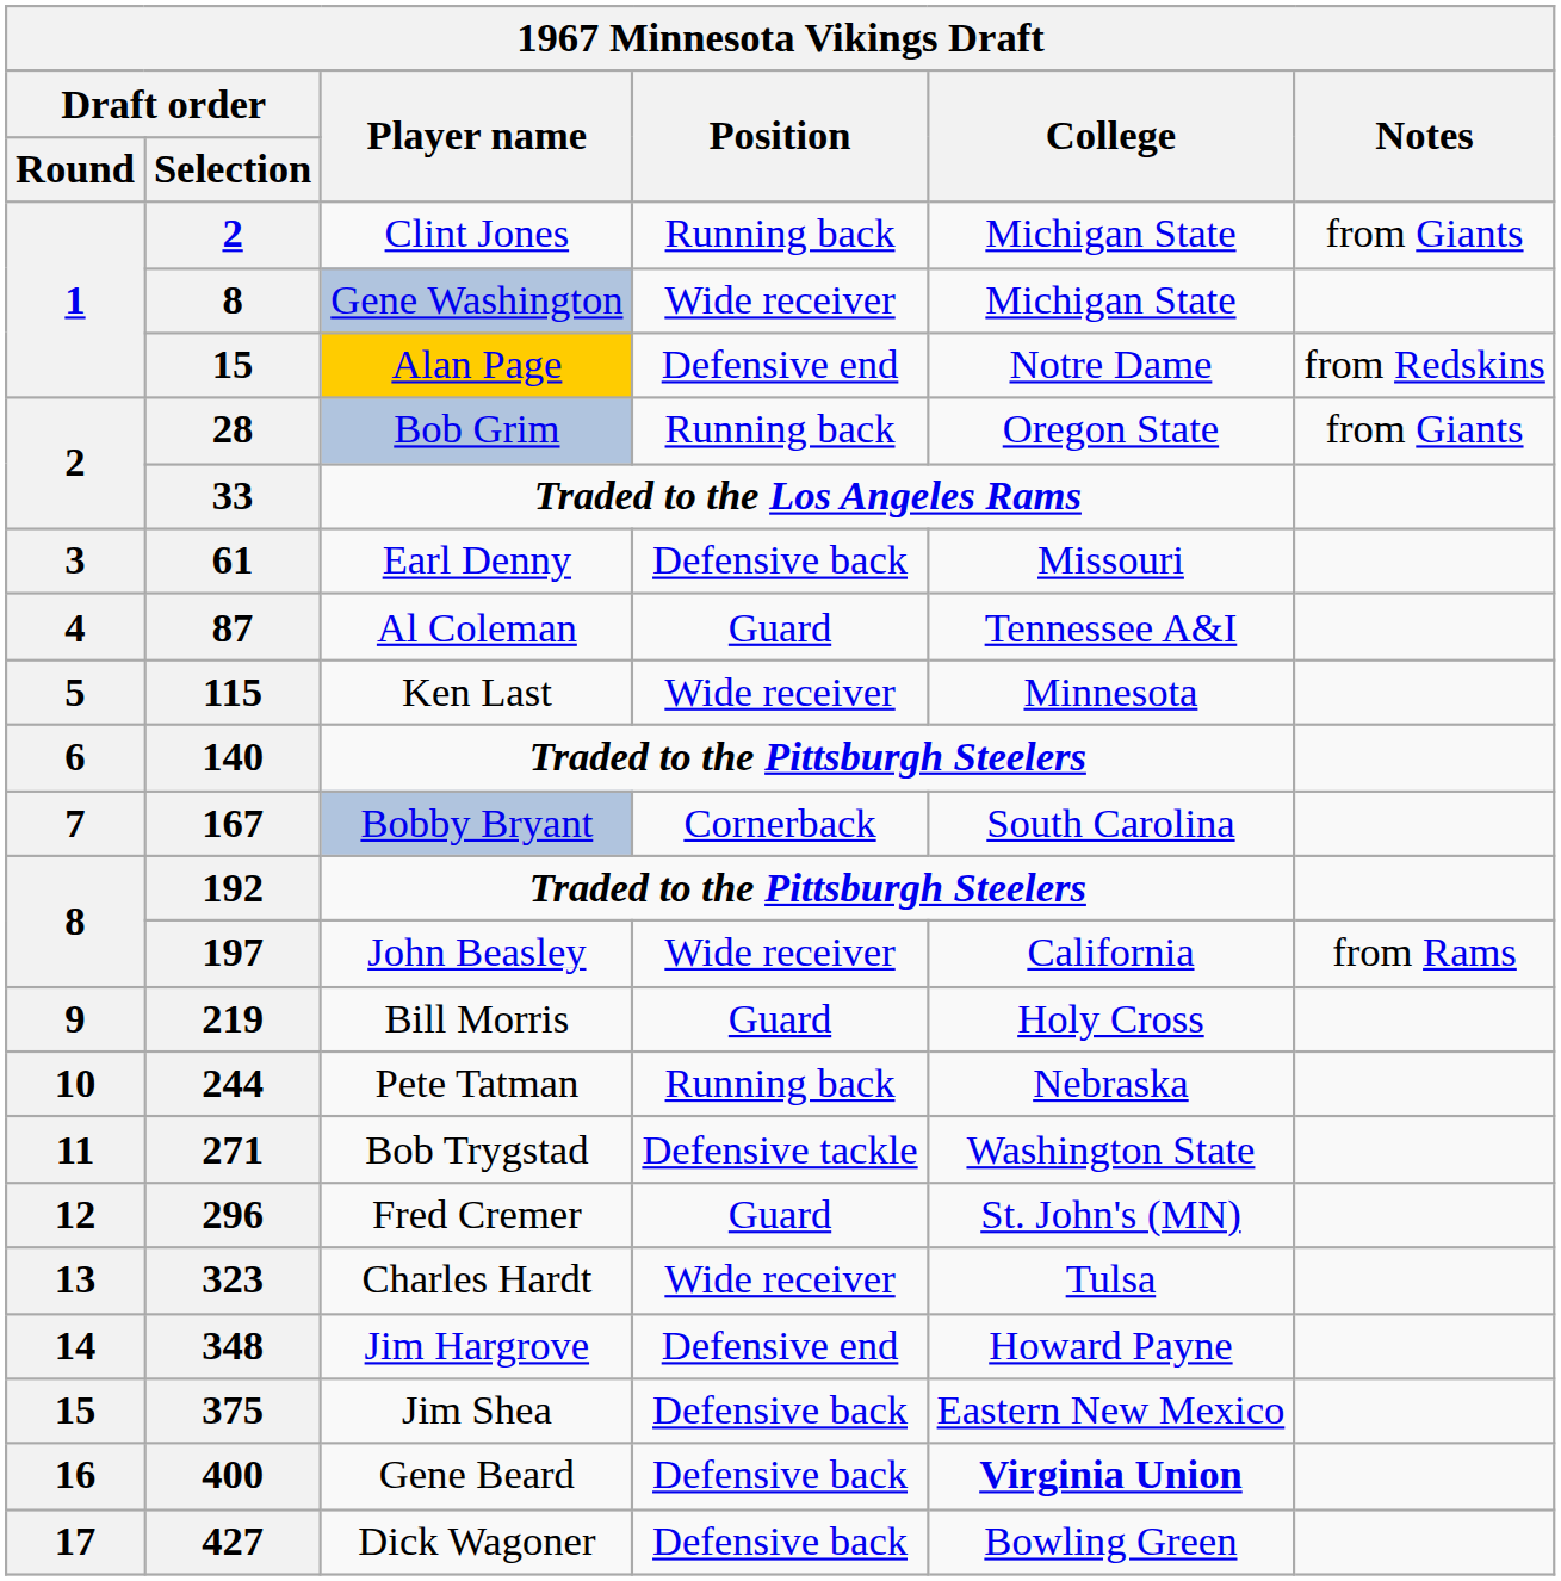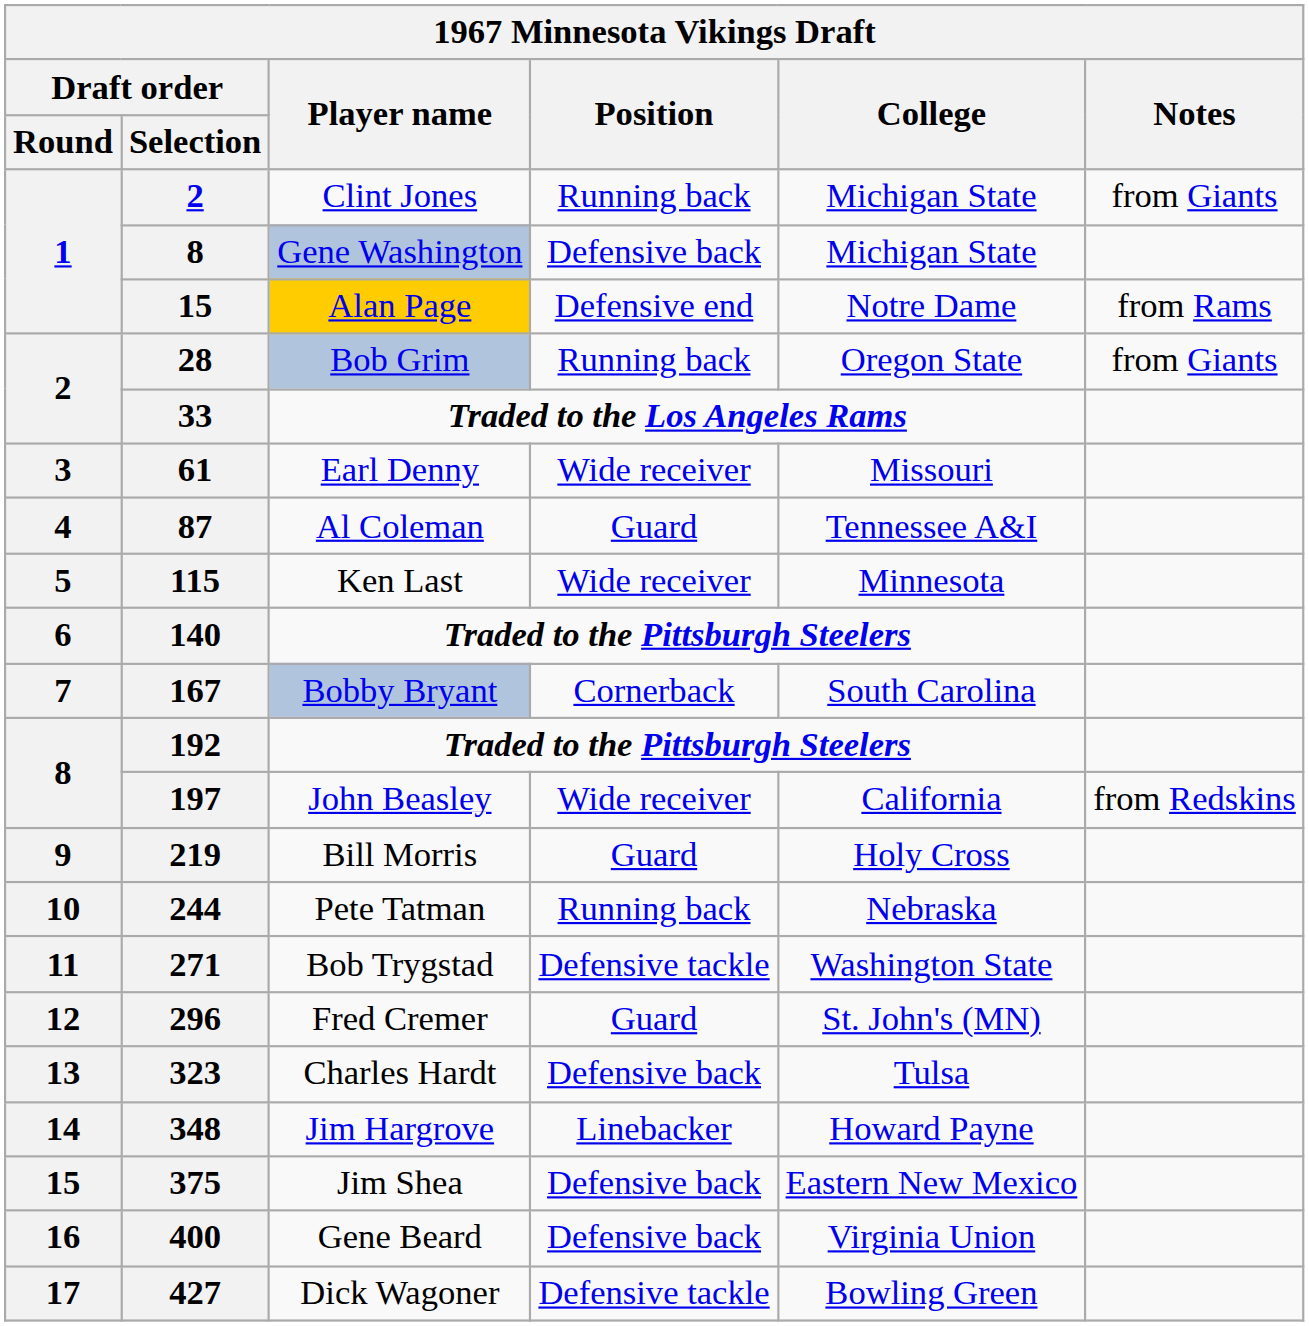 <table class="wikitable" style="text-align:center">
 <tr>
 <th colspan="6">1967 Minnesota Vikings Draft</th>
 </tr>
 <tr>
 <th colspan="2">Draft order</th>
 <th rowspan="2">Player name</th>
 <th rowspan="2">Position</th>
 <th rowspan="2">College</th>
 <th rowspan="2">Notes</th>
 </tr>
 <tr>
 <th>Round</th>
 <th>Selection</th>
 </tr>
 <tr>
 <th rowspan="3"><a href='#'>1</a></th>
 <th><a href='#'>2</a></th>
 <td><a href='#'>Clint Jones</a></td>
 <td><a href='#'>Running back</a></td>
 <td><a href='#'>Michigan State</a></td>
 <td>from <a href='#'>Giants</a></td>
 </tr>
 <tr>
 <th>8</th>
 <td bgcolor=lightsteelblue><a href='#'>Gene Washington</a></td>
-<td><a href='#'>Wide receiver</a></td>
+<td><a href='#'>Defensive back</a></td>
 <td><a href='#'>Michigan State</a></td>
 <td></td>
 </tr>
 <tr>
 <th>15</th>
 <td bgcolor=#FFCC00><a href='#'>Alan Page</a></td>
 <td><a href='#'>Defensive end</a></td>
 <td><a href='#'>Notre Dame</a></td>
-<td>from <a href='#'>Redskins</a></td>
+<td>from <a href='#'>Rams</a></td>
 </tr>
 <tr>
 <th rowspan="2">2</th>
 <th>28</th>
 <td bgcolor=lightsteelblue><a href='#'>Bob Grim</a></td>
 <td><a href='#'>Running back</a></td>
 <td><a href='#'>Oregon State</a></td>
 <td>from <a href='#'>Giants</a></td>
 </tr>
 <tr>
 <th>33</th>
 <td colspan="3"><strong><em>Traded to the <a href='#'>Los Angeles Rams</a></em></strong></td>
 <td></td>
 </tr>
 <tr>
 <th>3</th>
 <th>61</th>
 <td><a href='#'>Earl Denny</a></td>
-<td><a href='#'>Defensive back</a></td>
+<td><a href='#'>Wide receiver</a></td>
 <td><a href='#'>Missouri</a></td>
 <td></td>
 </tr>
 <tr>
 <th>4</th>
 <th>87</th>
 <td><a href='#'>Al Coleman</a></td>
 <td><a href='#'>Guard</a></td>
 <td><a href='#'>Tennessee A&I</a></td>
 <td></td>
 </tr>
 <tr>
 <th>5</th>
 <th>115</th>
 <td>Ken Last</td>
 <td><a href='#'>Wide receiver</a></td>
 <td><a href='#'>Minnesota</a></td>
 <td></td>
 </tr>
 <tr>
 <th>6</th>
 <th>140</th>
 <td colspan="3"><strong><em>Traded to the <a href='#'>Pittsburgh Steelers</a></em></strong></td>
 <td></td>
 </tr>
 <tr>
 <th>7</th>
 <th>167</th>
 <td bgcolor=lightsteelblue><a href='#'>Bobby Bryant</a></td>
 <td><a href='#'>Cornerback</a></td>
 <td><a href='#'>South Carolina</a></td>
 <td></td>
 </tr>
 <tr>
 <th rowspan="2">8</th>
 <th>192</th>
 <td colspan="3"><strong><em>Traded to the <a href='#'>Pittsburgh Steelers</a></em></strong></td>
 <td></td>
 </tr>
 <tr>
 <th>197</th>
 <td><a href='#'>John Beasley</a></td>
 <td><a href='#'>Wide receiver</a></td>
 <td><a href='#'>California</a></td>
-<td>from <a href='#'>Rams</a></td>
+<td>from <a href='#'>Redskins</a></td>
 </tr>
 <tr>
 <th>9</th>
 <th>219</th>
 <td>Bill Morris</td>
 <td><a href='#'>Guard</a></td>
 <td><a href='#'>Holy Cross</a></td>
 <td></td>
 </tr>
 <tr>
 <th>10</th>
 <th>244</th>
 <td>Pete Tatman</td>
 <td><a href='#'>Running back</a></td>
 <td><a href='#'>Nebraska</a></td>
 <td></td>
 </tr>
 <tr>
 <th>11</th>
 <th>271</th>
 <td>Bob Trygstad</td>
 <td><a href='#'>Defensive tackle</a></td>
 <td><a href='#'>Washington State</a></td>
 <td></td>
 </tr>
 <tr>
 <th>12</th>
 <th>296</th>
 <td>Fred Cremer</td>
 <td><a href='#'>Guard</a></td>
 <td><a href='#'>St. John's (MN)</a></td>
 <td></td>
 </tr>
 <tr>
 <th>13</th>
 <th>323</th>
 <td>Charles Hardt</td>
-<td><a href='#'>Wide receiver</a></td>
+<td><a href='#'>Defensive back</a></td>
 <td><a href='#'>Tulsa</a></td>
 <td></td>
 </tr>
 <tr>
 <th>14</th>
 <th>348</th>
 <td><a href='#'>Jim Hargrove</a></td>
-<td><a href='#'>Defensive end</a></td>
+<td><a href='#'>Linebacker</a></td>
 <td><a href='#'>Howard Payne</a></td>
 <td></td>
 </tr>
 <tr>
 <th>15</th>
 <th>375</th>
 <td>Jim Shea</td>
 <td><a href='#'>Defensive back</a></td>
 <td><a href='#'>Eastern New Mexico</a></td>
 <td></td>
 </tr>
 <tr>
 <th>16</th>
 <th>400</th>
 <td>Gene Beard</td>
 <td><a href='#'>Defensive back</a></td>
-<td><strong><a href='#'>Virginia Union</a></strong></td>
+<td><a href='#'>Virginia Union</a></td>
 <td></td>
 </tr>
 <tr>
 <th>17</th>
 <th>427</th>
 <td>Dick Wagoner</td>
-<td><a href='#'>Defensive back</a></td>
+<td><a href='#'>Defensive tackle</a></td>
 <td><a href='#'>Bowling Green</a></td>
 <td></td>
 </tr>
 </table>
